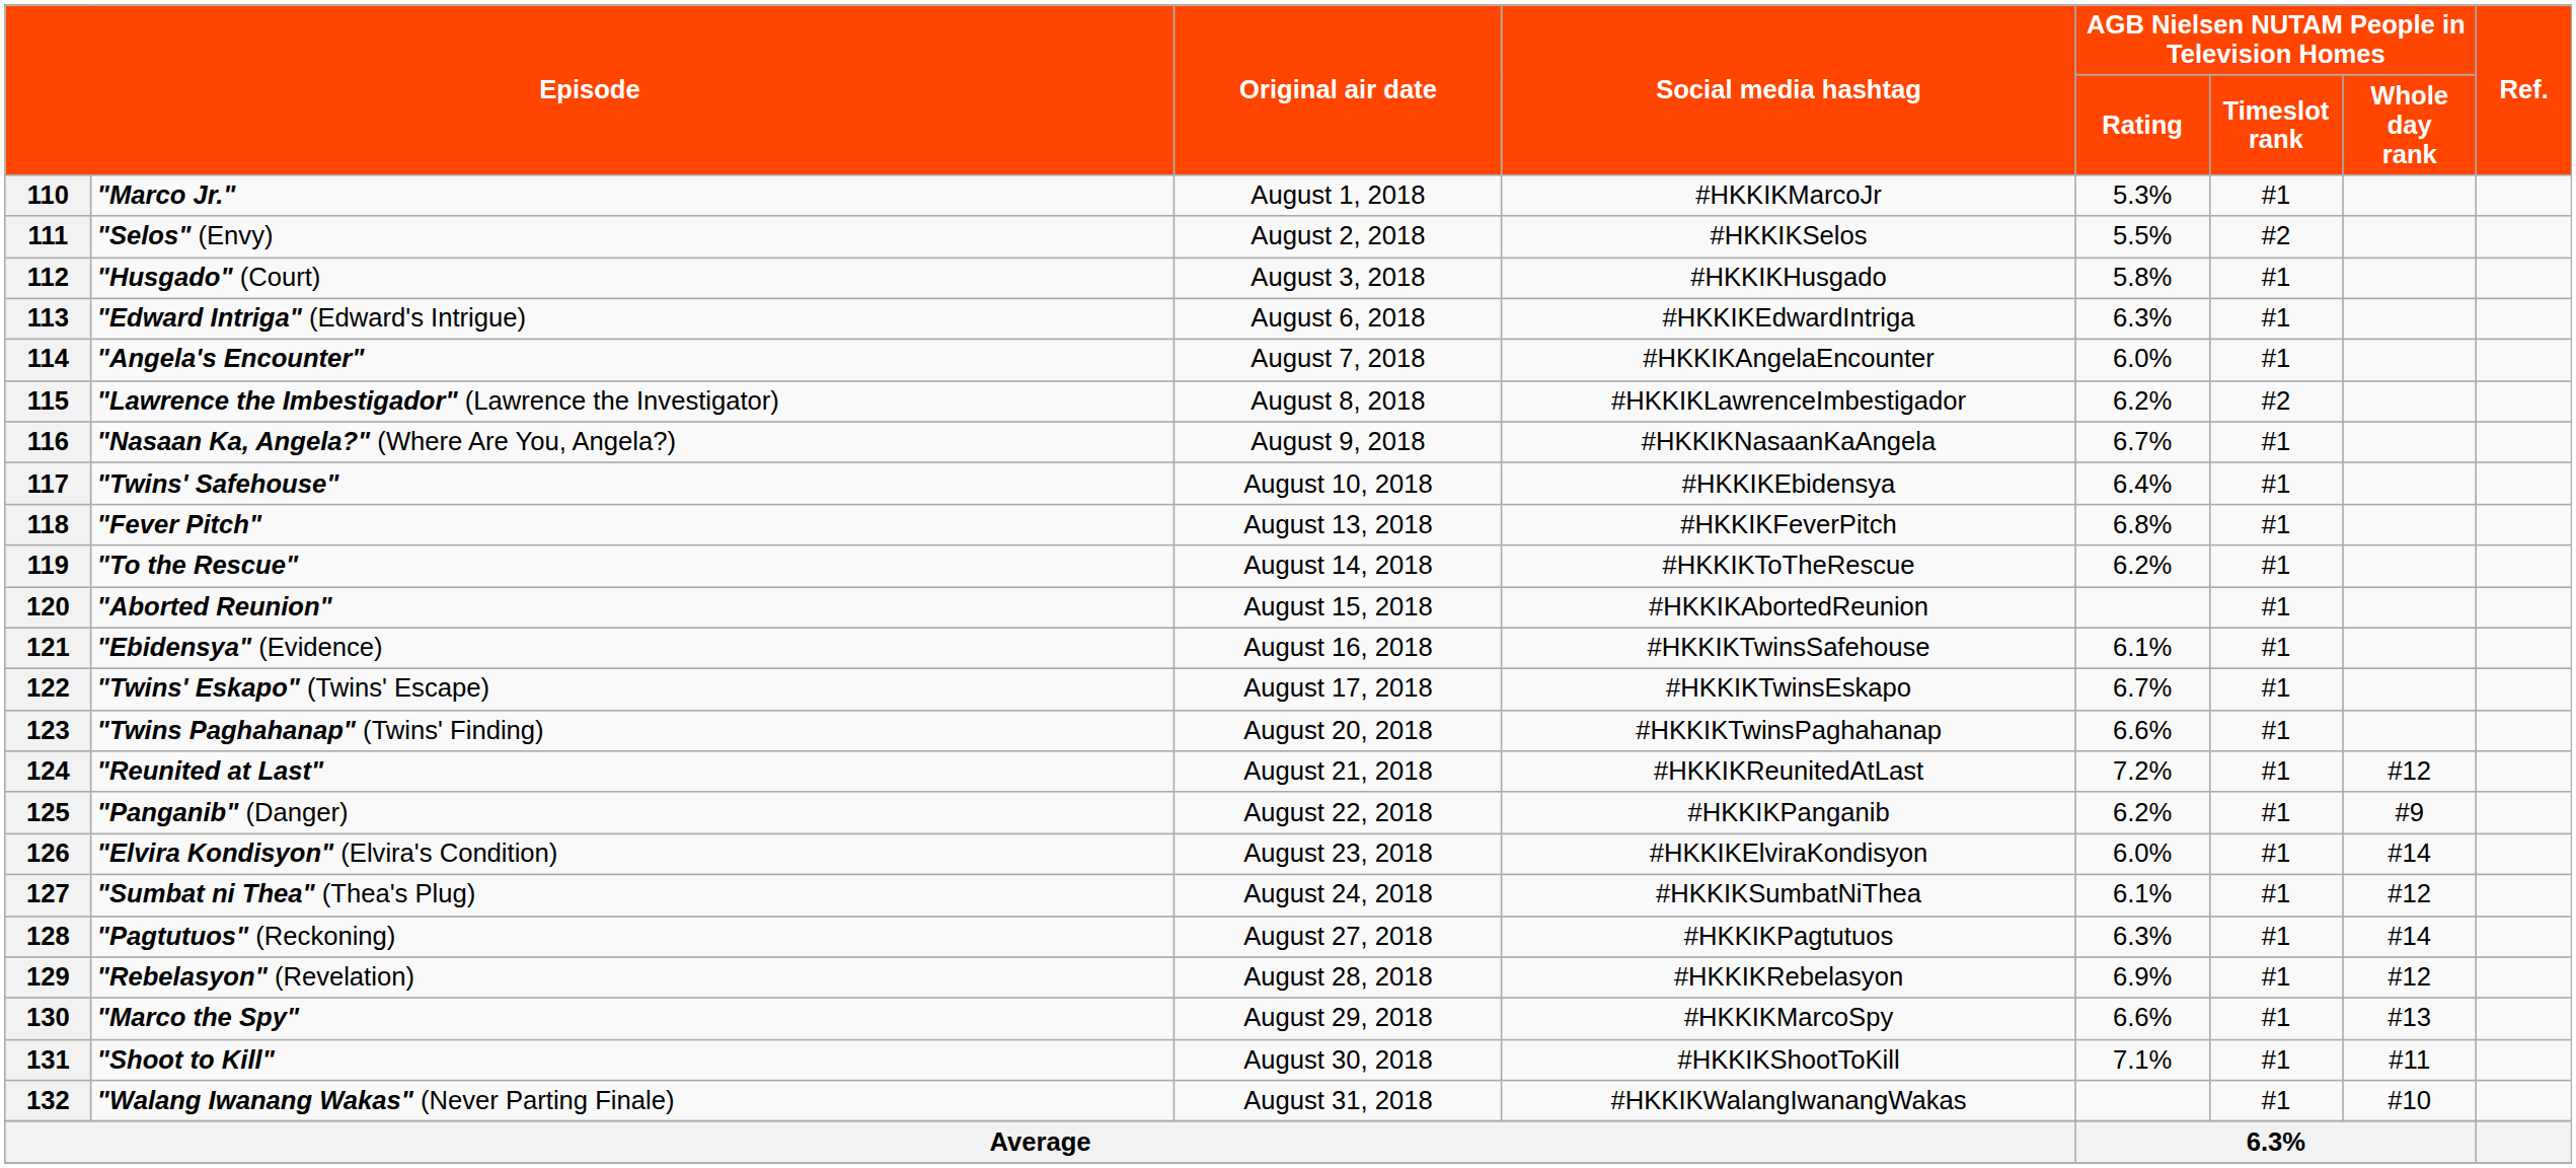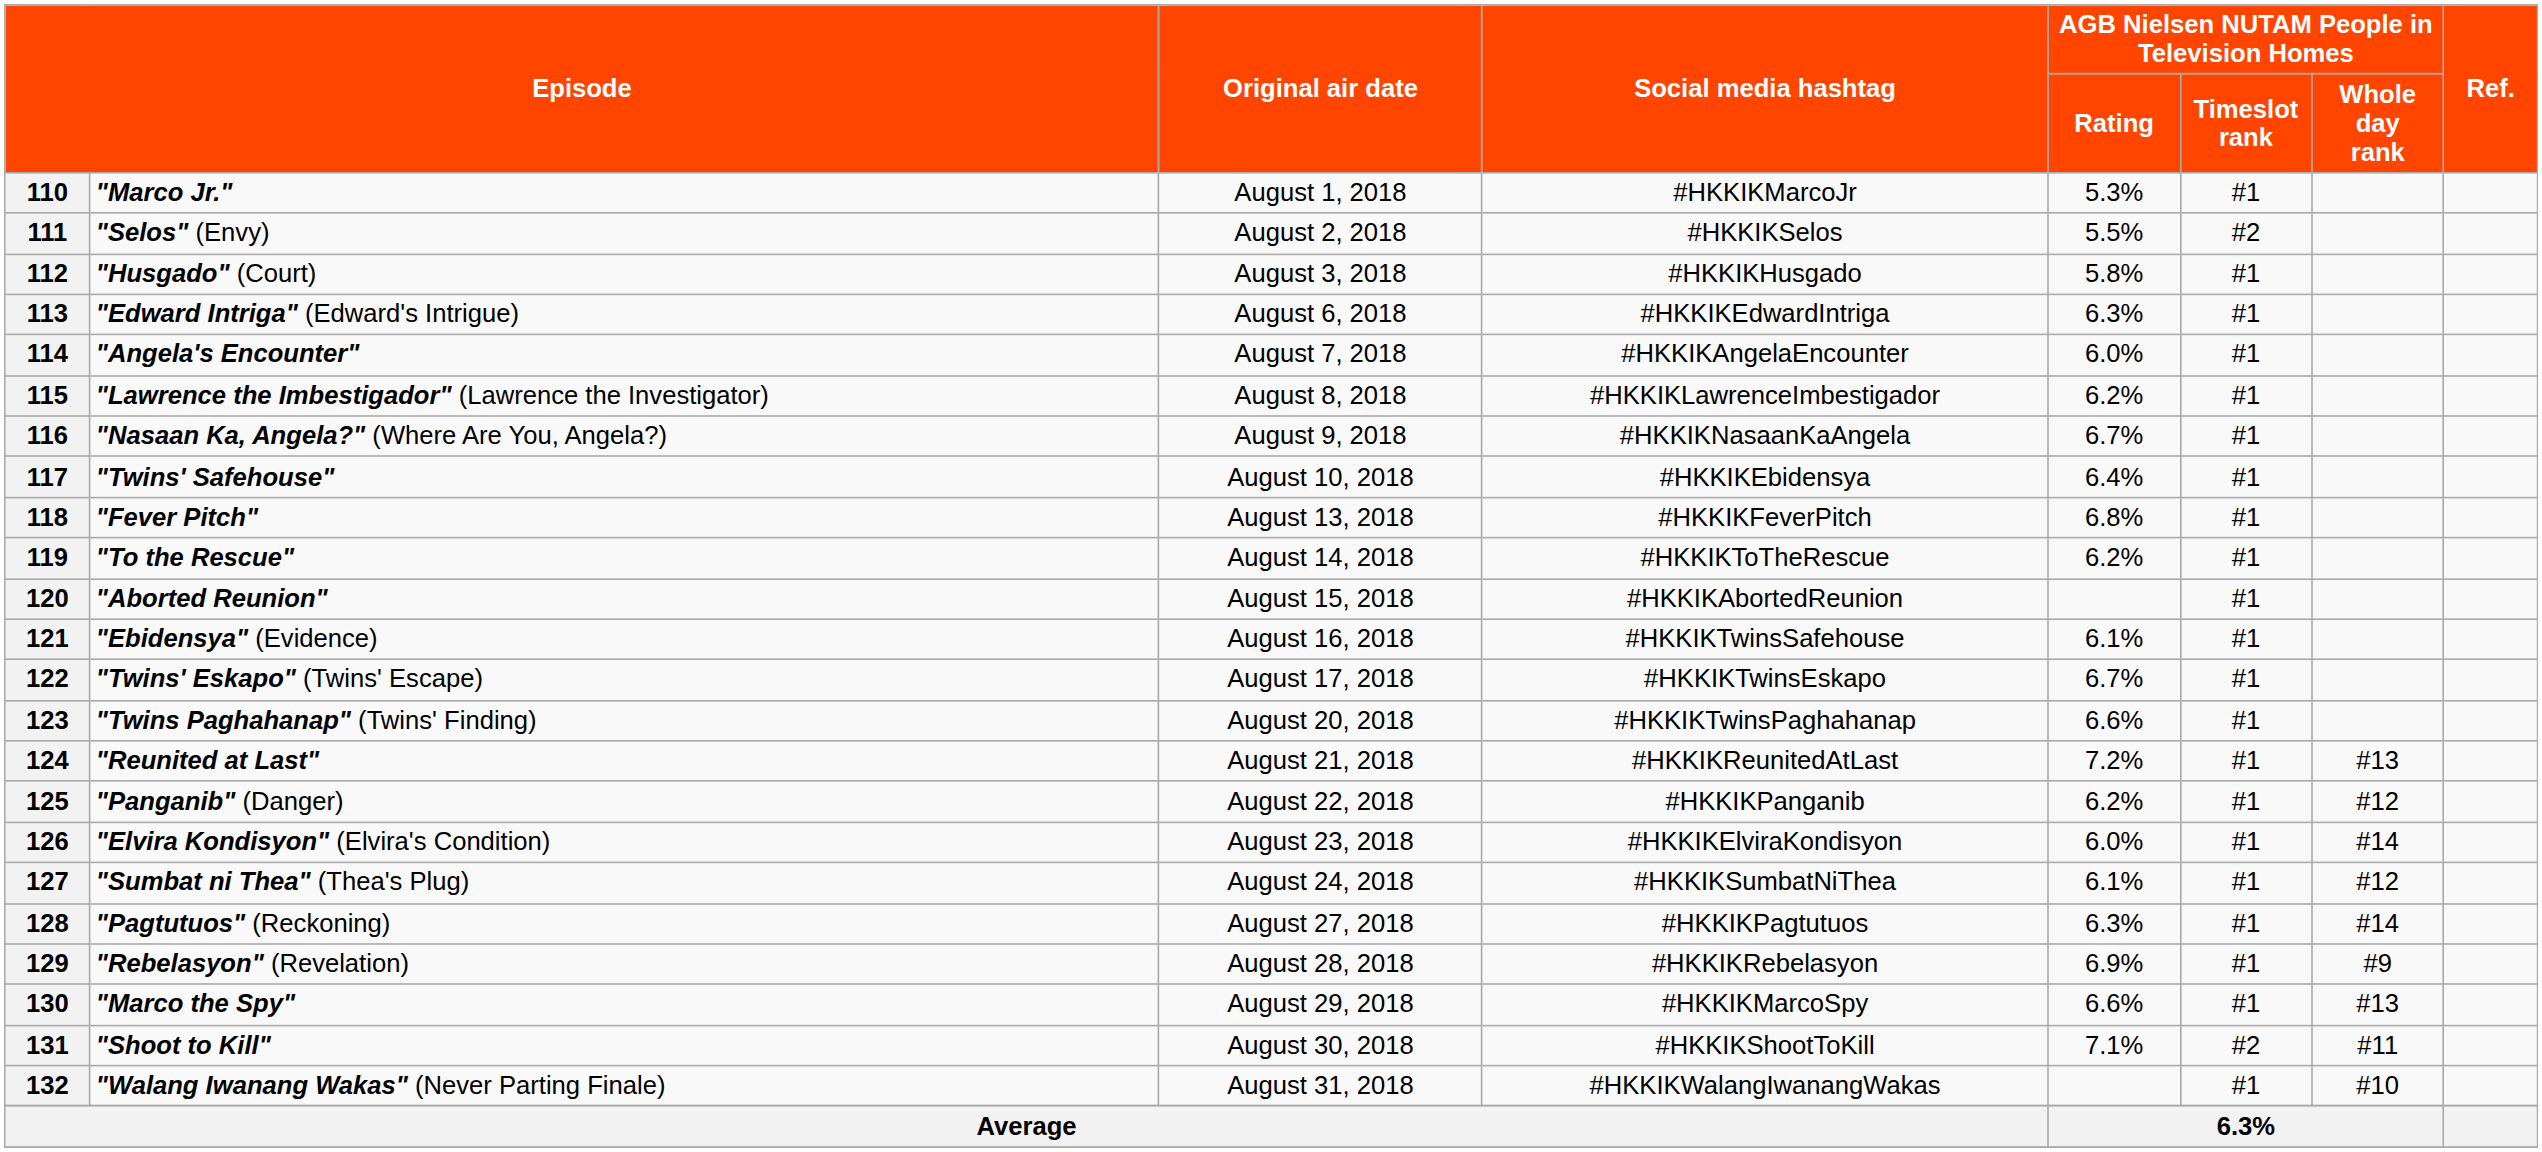 <table class="wikitable" style="text-align:center; font-size:100%; line-height:18px;" width="100%">
 <tr>
 <th style="background-color:#FF4500; color:#ffffff;" colspan="2" rowspan="2">Episode</th>
 <th style="background-color:#FF4500; color:white" rowspan="2">Original air date</th>
 <th style="background-color:#FF4500; color:white" rowspan="2">Social media hashtag</th>
 <th style="background-color:#FF4500; color:#ffffff;" colspan="3">AGB Nielsen NUTAM People in Television Homes</th>
 <th style="background-color:#FF4500; color:#ffffff;" rowspan="2">Ref.</th>
 </tr>
 <tr>
 <th style="background-color:#FF4500; width:75px; color:#ffffff;">Rating</th>
 <th style="background-color:#FF4500; width:75px; color:#ffffff;">Timeslot<br>rank</th>
 <th style="background-color:#FF4500; width:75px; color:#ffffff;">Whole day<br>rank</th>
 </tr>
 <tr>
 <th>110</th>
 <td style="text-align: left;"><strong><em>"Marco Jr."</em></strong></td>
 <td>August 1, 2018</td>
 <td>#HKKIKMarcoJr</td>
 <td>5.3%</td>
 <td>#1</td>
 <td></td>
 <td></td>
 </tr>
 <tr>
 <th>111</th>
 <td style="text-align: left;"><strong><em>"Selos"</em></strong> (Envy)</td>
 <td>August 2, 2018</td>
 <td>#HKKIKSelos</td>
 <td>5.5%</td>
 <td>#2</td>
 <td></td>
 <td></td>
 </tr>
 <tr>
 <th>112</th>
 <td style="text-align: left;"><strong><em>"Husgado"</em></strong> (Court)</td>
 <td>August 3, 2018</td>
 <td>#HKKIKHusgado</td>
 <td>5.8%</td>
 <td>#1</td>
 <td></td>
 <td></td>
 </tr>
 <tr>
 <th>113</th>
 <td style="text-align: left;"><strong><em>"Edward Intriga"</em></strong> (Edward's Intrigue)</td>
 <td>August 6, 2018</td>
 <td>#HKKIKEdwardIntriga</td>
 <td>6.3%</td>
 <td>#1</td>
 <td></td>
 <td></td>
 </tr>
 <tr>
 <th>114</th>
 <td style="text-align: left;"><strong><em>"Angela's Encounter"</em></strong></td>
 <td>August 7, 2018</td>
 <td>#HKKIKAngelaEncounter</td>
 <td>6.0%</td>
 <td>#1</td>
 <td></td>
 <td></td>
 </tr>
 <tr>
 <th>115</th>
 <td style="text-align: left;"><strong><em>"Lawrence the Imbestigador"</em></strong> (Lawrence the Investigator)</td>
 <td>August 8, 2018</td>
 <td>#HKKIKLawrenceImbestigador</td>
 <td>6.2%</td>
-<td>#2</td>
+<td>#1</td>
 <td></td>
 <td></td>
 </tr>
 <tr>
 <th>116</th>
 <td style="text-align: left;"><strong><em>"Nasaan Ka, Angela?"</em></strong> (Where Are You, Angela?)</td>
 <td>August 9, 2018</td>
 <td>#HKKIKNasaanKaAngela</td>
 <td>6.7%</td>
 <td>#1</td>
 <td></td>
 <td></td>
 </tr>
 <tr>
 <th>117</th>
 <td style="text-align: left;"><strong><em>"Twins' Safehouse"</em></strong></td>
 <td>August 10, 2018</td>
 <td>#HKKIKEbidensya</td>
 <td>6.4%</td>
 <td>#1</td>
 <td></td>
 <td></td>
 </tr>
 <tr>
 <th>118</th>
 <td style="text-align: left;"><strong><em>"Fever Pitch"</em></strong></td>
 <td>August 13, 2018</td>
 <td>#HKKIKFeverPitch</td>
 <td>6.8%</td>
 <td>#1</td>
 <td></td>
 <td></td>
 </tr>
 <tr>
 <th>119</th>
 <td style="text-align: left;"><strong><em>"To the Rescue"</em></strong></td>
 <td>August 14, 2018</td>
 <td>#HKKIKToTheRescue</td>
 <td>6.2%</td>
 <td>#1</td>
 <td></td>
 <td></td>
 </tr>
 <tr>
 <th>120</th>
 <td style="text-align: left;"><strong><em>"Aborted Reunion"</em></strong></td>
 <td>August 15, 2018</td>
 <td>#HKKIKAbortedReunion</td>
 <td></td>
 <td>#1</td>
 <td></td>
 <td></td>
 </tr>
 <tr>
 <th>121</th>
 <td style="text-align: left;"><strong><em>"Ebidensya"</em></strong> (Evidence)</td>
 <td>August 16, 2018</td>
 <td>#HKKIKTwinsSafehouse</td>
 <td>6.1%</td>
 <td>#1</td>
 <td></td>
 <td></td>
 </tr>
 <tr>
 <th>122</th>
 <td style="text-align: left;"><strong><em>"Twins' Eskapo"</em></strong> (Twins' Escape)</td>
 <td>August 17, 2018</td>
 <td>#HKKIKTwinsEskapo</td>
 <td>6.7%</td>
 <td>#1</td>
 <td></td>
 <td></td>
 </tr>
 <tr>
 <th>123</th>
 <td style="text-align: left;"><strong><em>"Twins Paghahanap"</em></strong> (Twins' Finding)</td>
 <td>August 20, 2018</td>
 <td>#HKKIKTwinsPaghahanap</td>
 <td>6.6%</td>
 <td>#1</td>
 <td></td>
 <td></td>
 </tr>
 <tr>
 <th>124</th>
 <td style="text-align: left;"><strong><em>"Reunited at Last"</em></strong></td>
 <td>August 21, 2018</td>
 <td>#HKKIKReunitedAtLast</td>
 <td>7.2%</td>
 <td>#1</td>
-<td>#12</td>
+<td>#13</td>
 <td></td>
 </tr>
 <tr>
 <th>125</th>
 <td style="text-align: left;"><strong><em>"Panganib"</em></strong> (Danger)</td>
 <td>August 22, 2018</td>
 <td>#HKKIKPanganib</td>
 <td>6.2%</td>
 <td>#1</td>
-<td>#9</td>
+<td>#12</td>
 <td></td>
 </tr>
 <tr>
 <th>126</th>
 <td style="text-align: left;"><strong><em>"Elvira Kondisyon"</em></strong> (Elvira's Condition)</td>
 <td>August 23, 2018</td>
 <td>#HKKIKElviraKondisyon</td>
 <td>6.0%</td>
 <td>#1</td>
 <td>#14</td>
 <td></td>
 </tr>
 <tr>
 <th>127</th>
 <td style="text-align: left;"><strong><em>"Sumbat ni Thea"</em></strong> (Thea's Plug)</td>
 <td>August 24, 2018</td>
 <td>#HKKIKSumbatNiThea</td>
 <td>6.1%</td>
 <td>#1</td>
 <td>#12</td>
 <td></td>
 </tr>
 <tr>
 <th>128</th>
 <td style="text-align: left;"><strong><em>"Pagtutuos"</em></strong> (Reckoning)</td>
 <td>August 27, 2018</td>
 <td>#HKKIKPagtutuos</td>
 <td>6.3%</td>
 <td>#1</td>
 <td>#14</td>
 <td></td>
 </tr>
 <tr>
 <th>129</th>
 <td style="text-align: left;"><strong><em>"Rebelasyon"</em></strong> (Revelation)</td>
 <td>August 28, 2018</td>
 <td>#HKKIKRebelasyon</td>
 <td>6.9%</td>
 <td>#1</td>
-<td>#12</td>
+<td>#9</td>
 <td></td>
 </tr>
 <tr>
 <th>130</th>
 <td style="text-align: left;"><strong><em>"Marco the Spy"</em></strong></td>
 <td>August 29, 2018</td>
 <td>#HKKIKMarcoSpy</td>
 <td>6.6%</td>
 <td>#1</td>
 <td>#13</td>
 <td></td>
 </tr>
 <tr>
 <th>131</th>
 <td style="text-align: left;"><strong><em>"Shoot to Kill"</em></strong></td>
 <td>August 30, 2018</td>
 <td>#HKKIKShootToKill</td>
 <td>7.1%</td>
-<td>#1</td>
+<td>#2</td>
 <td>#11</td>
 <td></td>
 </tr>
 <tr>
 <th>132</th>
 <td style="text-align: left;"><strong><em>"Walang Iwanang Wakas"</em></strong> (Never Parting Finale)</td>
 <td>August 31, 2018</td>
 <td>#HKKIKWalangIwanangWakas</td>
 <td></td>
 <td>#1</td>
 <td>#10</td>
 <td></td>
 </tr>
 <tr>
 </tr>
 <tr>
 <th colspan="4">Average</th>
 <th colspan="3">6.3%</th>
 <th></th>
 </tr>
 <tr>
 </tr>
 </table>
